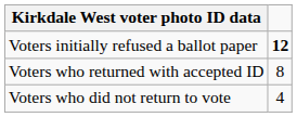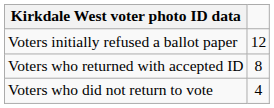 <table class="wikitable">
 <tr>
 <th>Kirkdale West voter photo ID data</th>
 </tr>
 <tr>
 <td style="text-align:left">Voters initially refused a ballot paper</td>
-<td style="text-align:center"><strong>12</strong></td>
+<td style="text-align:center">12</td>
 </tr>
 <tr>
 <td style="text-align:left">Voters who returned with accepted ID</td>
 <td style="text-align:center">8</td>
 </tr>
 <tr>
 <td style="text-align:left">Voters who did not return to vote</td>
 <td style="text-align:center">4</td>
 </tr>
 </table>
